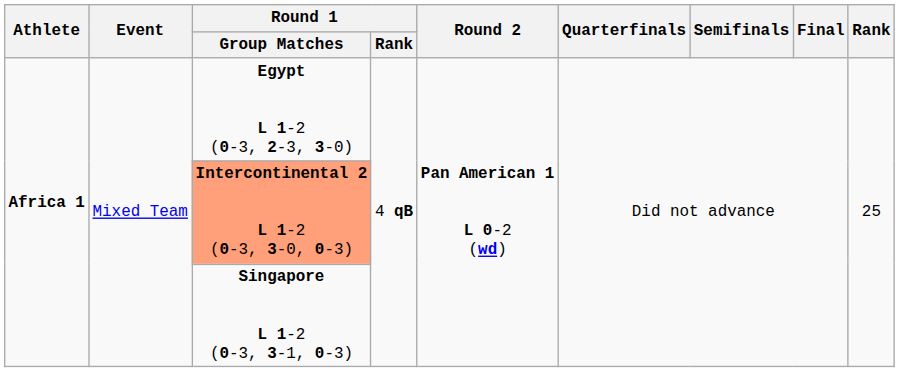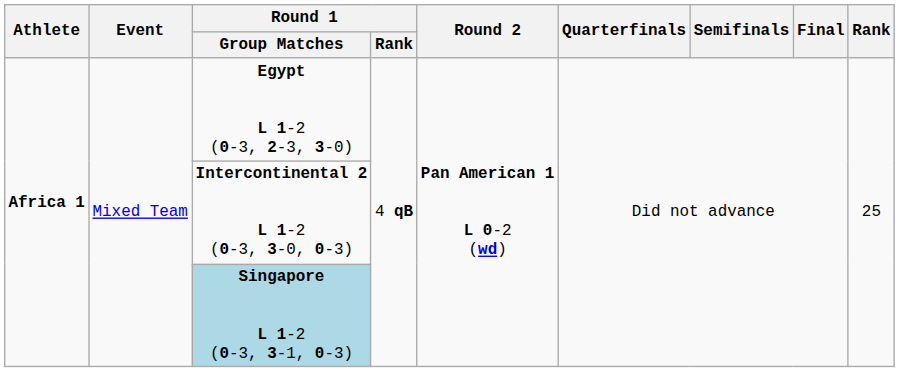 <table class="wikitable" border="1" style="font-size:90%">
 <tr>
 <th rowspan=2>Athlete</th>
 <th rowspan=2>Event</th>
 <th colspan=2>Round 1</th>
 <th rowspan=2>Round 2</th>
 <th rowspan=2>Quarterfinals</th>
 <th rowspan=2>Semifinals</th>
 <th rowspan=2>Final</th>
 <th rowspan=2>Rank</th>
 </tr>
 <tr>
 <th>Group Matches</th>
 <th>Rank</th>
 </tr>
 <tr>
 <td rowspan=3><strong>Africa 1</strong><br><br></td>
 <td rowspan=3><a href='#'>Mixed Team</a></td>
 <td align=center><strong>Egypt</strong><br><br><br> <strong>L</strong> <strong>1</strong>-2 <br> (<strong>0</strong>-3, <strong>2</strong>-3, <strong>3</strong>-0)</td>
 <td rowspan=3 align=center>4 <strong>qB</strong></td>
 <td align=center rowspan=3><strong>Pan American 1</strong><br><br><br> <strong>L</strong> <strong>0</strong>-2 <br> (<strong><a href='#'>wd</a></strong>)</td>
 <td rowspan=3 colspan=3 align=center>Did not advance</td>
 <td rowspan=3 align=center>25</td>
 </tr>
 <tr>
-<td align=center style="background: lightsalmon;"><strong>Intercontinental 2</strong><br><br><br> <strong>L</strong> <strong>1</strong>-2 <br> (<strong>0</strong>-3, <strong>3</strong>-0, <strong>0</strong>-3)</td>
+<td align=center><strong>Intercontinental 2</strong><br><br><br> <strong>L</strong> <strong>1</strong>-2 <br> (<strong>0</strong>-3, <strong>3</strong>-0, <strong>0</strong>-3)</td>
 </tr>
 <tr>
-<td align=center><strong>Singapore</strong><br><br><br> <strong>L</strong> <strong>1</strong>-2 <br> (<strong>0</strong>-3, <strong>3</strong>-1, <strong>0</strong>-3)</td>
+<td align=center style="background: lightblue;"><strong>Singapore</strong><br><br><br> <strong>L</strong> <strong>1</strong>-2 <br> (<strong>0</strong>-3, <strong>3</strong>-1, <strong>0</strong>-3)</td>
 </tr>
 </table>
